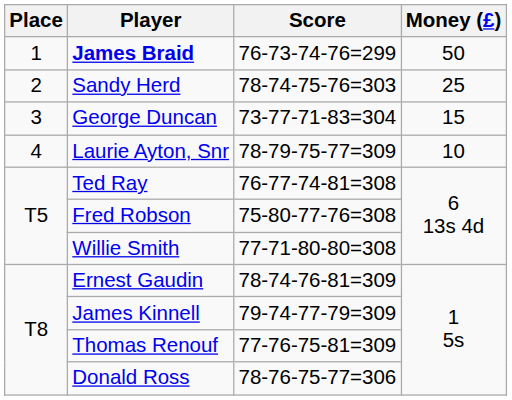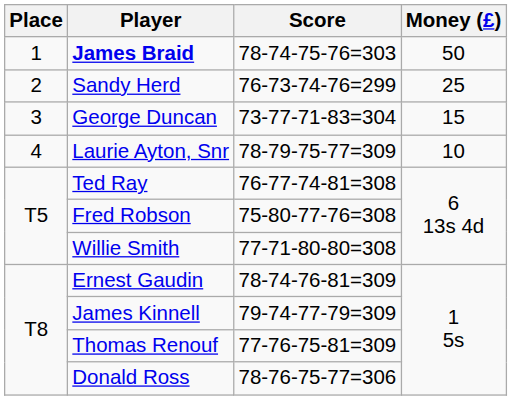 <table class=wikitable>
 <tr>
 <th>Place</th>
 <th>Player</th>
 <th>Score</th>
 <th>Money (<a href='#'>£</a>)</th>
 </tr>
 <tr>
 <td align=center>1</td>
 <td> <strong><a href='#'>James Braid</a></strong></td>
-<td>76-73-74-76=299</td>
+<td>78-74-75-76=303</td>
 <td align=center>50</td>
 </tr>
 <tr>
 <td align=center>2</td>
 <td> <a href='#'>Sandy Herd</a></td>
-<td>78-74-75-76=303</td>
+<td>76-73-74-76=299</td>
 <td align=center>25</td>
 </tr>
 <tr>
 <td align=center>3</td>
 <td> <a href='#'>George Duncan</a></td>
 <td>73-77-71-83=304</td>
 <td align=center>15</td>
 </tr>
 <tr>
 <td align=center>4</td>
 <td> <a href='#'>Laurie Ayton, Snr</a></td>
 <td>78-79-75-77=309</td>
 <td align=center>10</td>
 </tr>
 <tr>
 <td rowspan=3 align=center>T5</td>
 <td> <a href='#'>Ted Ray</a></td>
 <td>76-77-74-81=308</td>
 <td rowspan=3 align=center>6<br>13s 4d</td>
 </tr>
 <tr>
 <td> <a href='#'>Fred Robson</a></td>
 <td>75-80-77-76=308</td>
 </tr>
 <tr>
 <td> <a href='#'>Willie Smith</a></td>
 <td>77-71-80-80=308</td>
 </tr>
 <tr>
 <td rowspan=4 align=center>T8</td>
 <td> <a href='#'>Ernest Gaudin</a></td>
 <td>78-74-76-81=309</td>
 <td rowspan=4 align=center>1<br>5s</td>
 </tr>
 <tr>
 <td> <a href='#'>James Kinnell</a></td>
 <td>79-74-77-79=309</td>
 </tr>
 <tr>
 <td> <a href='#'>Thomas Renouf</a></td>
 <td>77-76-75-81=309</td>
 </tr>
 <tr>
 <td> <a href='#'>Donald Ross</a></td>
 <td>78-76-75-77=306</td>
 </tr>
 </table>
